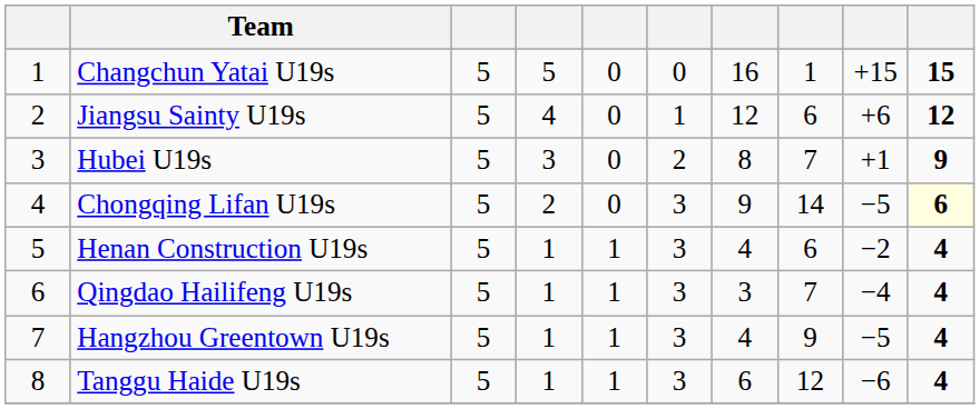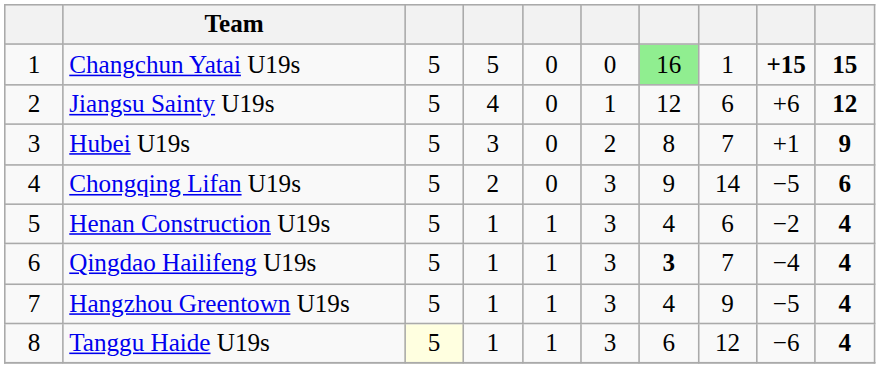 <table class="wikitable sortable" style="text-align:center;">
 <tr>
 <th width=30></th>
 <th width=210>Team</th>
 <th width=30></th>
 <th width=30></th>
 <th width=30></th>
 <th width=30></th>
 <th width=30></th>
 <th width=30></th>
 <th width=30></th>
 <th width=30></th>
 </tr>
 <tr>
 <td>1</td>
 <td align=left><a href='#'>Changchun Yatai</a> U19s</td>
 <td>5</td>
 <td>5</td>
 <td>0</td>
 <td>0</td>
-<td>16</td>
+<td style="background: lightgreen;">16</td>
 <td>1</td>
-<td>+15</td>
+<td><strong>+15</strong></td>
 <td><strong>15</strong></td>
 </tr>
 <tr>
 <td>2</td>
 <td align=left><a href='#'>Jiangsu Sainty</a> U19s</td>
 <td>5</td>
 <td>4</td>
 <td>0</td>
 <td>1</td>
 <td>12</td>
 <td>6</td>
 <td>+6</td>
 <td><strong>12</strong></td>
 </tr>
 <tr>
 <td>3</td>
 <td align=left><a href='#'>Hubei</a> U19s</td>
 <td>5</td>
 <td>3</td>
 <td>0</td>
 <td>2</td>
 <td>8</td>
 <td>7</td>
 <td>+1</td>
 <td><strong>9</strong></td>
 </tr>
 <tr>
 <td>4</td>
 <td align=left><a href='#'>Chongqing Lifan</a> U19s</td>
 <td>5</td>
 <td>2</td>
 <td>0</td>
 <td>3</td>
 <td>9</td>
 <td>14</td>
 <td>−5</td>
-<td style="background: lightyellow;"><strong>6</strong></td>
+<td><strong>6</strong></td>
 </tr>
 <tr>
 <td>5</td>
 <td align=left><a href='#'>Henan Construction</a> U19s</td>
 <td>5</td>
 <td>1</td>
 <td>1</td>
 <td>3</td>
 <td>4</td>
 <td>6</td>
 <td>−2</td>
 <td><strong>4</strong></td>
 </tr>
 <tr>
 <td>6</td>
 <td align=left><a href='#'>Qingdao Hailifeng</a> U19s</td>
 <td>5</td>
 <td>1</td>
 <td>1</td>
 <td>3</td>
-<td>3</td>
+<td><strong>3</strong></td>
 <td>7</td>
 <td>−4</td>
 <td><strong>4</strong></td>
 </tr>
 <tr>
 <td>7</td>
 <td align=left><a href='#'>Hangzhou Greentown</a> U19s</td>
 <td>5</td>
 <td>1</td>
 <td>1</td>
 <td>3</td>
 <td>4</td>
 <td>9</td>
 <td>−5</td>
 <td><strong>4</strong></td>
 </tr>
 <tr>
 <td>8</td>
 <td align=left><a href='#'>Tanggu Haide</a> U19s</td>
-<td>5</td>
+<td style="background: lightyellow;">5</td>
 <td>1</td>
 <td>1</td>
 <td>3</td>
 <td>6</td>
 <td>12</td>
 <td>−6</td>
 <td><strong>4</strong></td>
 </tr>
 <tr>
 </tr>
 </table>
